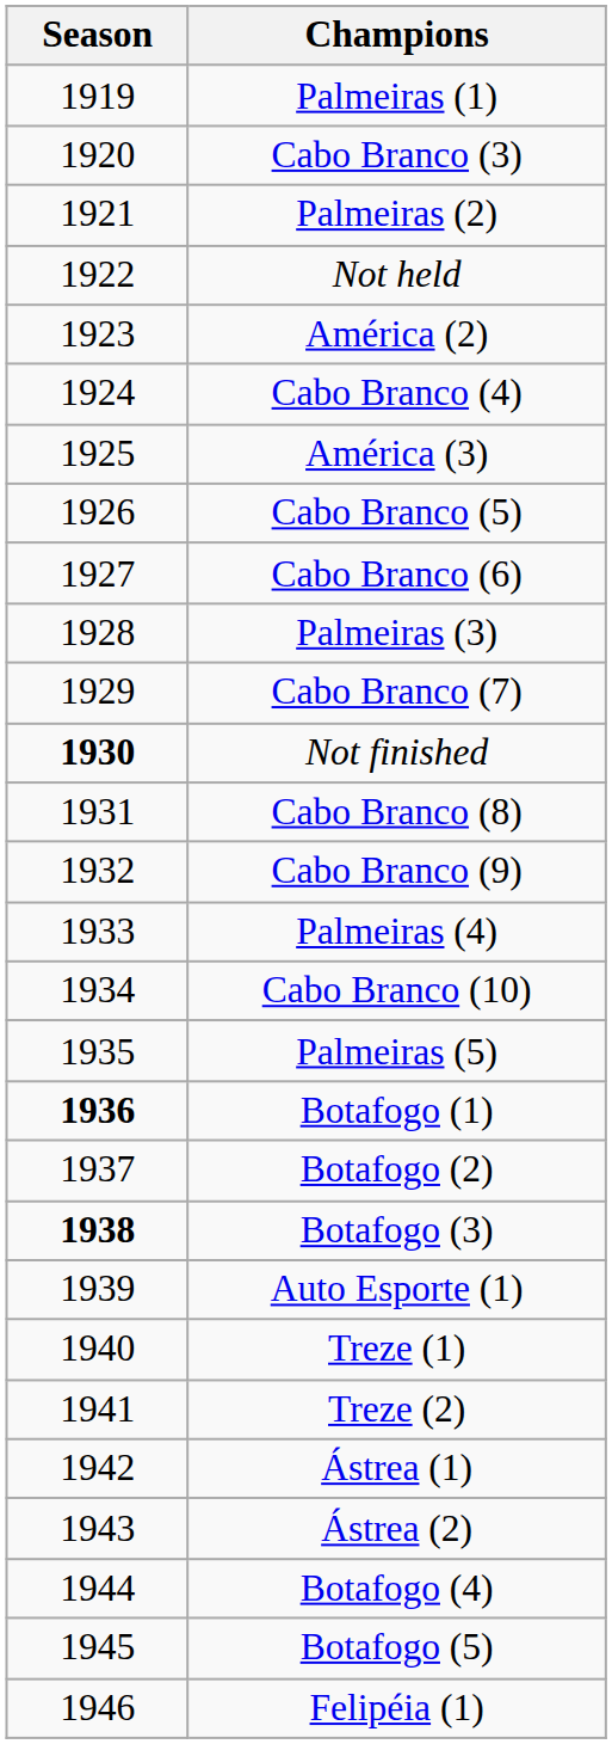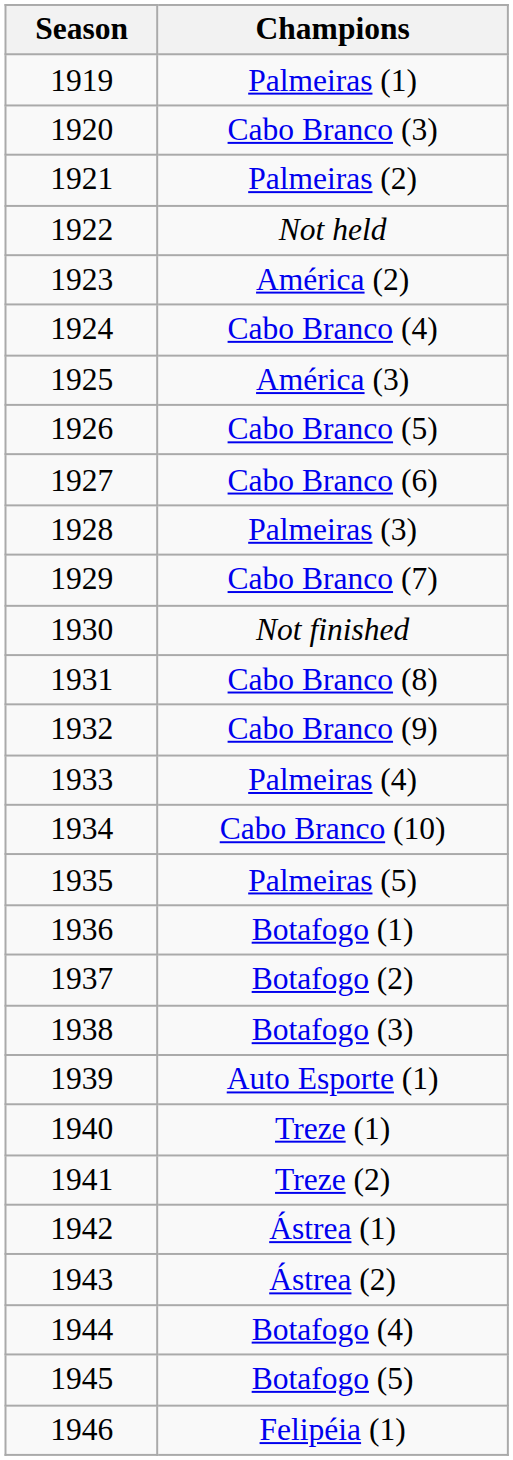 <table class="wikitable" style="text-align:center; margin-left:1em;">
 <tr>
 <th style="width:70px">Season</th>
 <th style="width:170px">Champions</th>
 </tr>
 <tr>
 <td>1919</td>
 <td><a href='#'>Palmeiras</a> (1)</td>
 </tr>
 <tr>
 <td>1920</td>
 <td><a href='#'>Cabo Branco</a> (3)</td>
 </tr>
 <tr>
 <td>1921</td>
 <td><a href='#'>Palmeiras</a> (2)</td>
 </tr>
 <tr>
 <td>1922</td>
 <td><em>Not held</em></td>
 </tr>
 <tr>
 <td>1923</td>
 <td><a href='#'>América</a> (2)</td>
 </tr>
 <tr>
 <td>1924</td>
 <td><a href='#'>Cabo Branco</a> (4)</td>
 </tr>
 <tr>
 <td>1925</td>
 <td><a href='#'>América</a> (3)</td>
 </tr>
 <tr>
 <td>1926</td>
 <td><a href='#'>Cabo Branco</a> (5)</td>
 </tr>
 <tr>
 <td>1927</td>
 <td><a href='#'>Cabo Branco</a> (6)</td>
 </tr>
 <tr>
 <td>1928</td>
 <td><a href='#'>Palmeiras</a> (3)</td>
 </tr>
 <tr>
 <td>1929</td>
 <td><a href='#'>Cabo Branco</a> (7)</td>
 </tr>
 <tr>
-<td><strong>1930</strong></td>
+<td>1930</td>
 <td><em>Not finished</em></td>
 </tr>
 <tr>
 <td>1931</td>
 <td><a href='#'>Cabo Branco</a> (8)</td>
 </tr>
 <tr>
 <td>1932</td>
 <td><a href='#'>Cabo Branco</a> (9)</td>
 </tr>
 <tr>
 <td>1933</td>
 <td><a href='#'>Palmeiras</a> (4)</td>
 </tr>
 <tr>
 <td>1934</td>
 <td><a href='#'>Cabo Branco</a> (10)</td>
 </tr>
 <tr>
 <td>1935</td>
 <td><a href='#'>Palmeiras</a> (5)</td>
 </tr>
 <tr>
-<td><strong>1936</strong></td>
+<td>1936</td>
 <td><a href='#'>Botafogo</a> (1)</td>
 </tr>
 <tr>
 <td>1937</td>
 <td><a href='#'>Botafogo</a> (2)</td>
 </tr>
 <tr>
-<td><strong>1938</strong></td>
+<td>1938</td>
 <td><a href='#'>Botafogo</a> (3)</td>
 </tr>
 <tr>
 <td>1939</td>
 <td><a href='#'>Auto Esporte</a> (1)</td>
 </tr>
 <tr>
 <td>1940</td>
 <td><a href='#'>Treze</a> (1)</td>
 </tr>
 <tr>
 <td>1941</td>
 <td><a href='#'>Treze</a> (2)</td>
 </tr>
 <tr>
 <td>1942</td>
 <td><a href='#'>Ástrea</a> (1)</td>
 </tr>
 <tr>
 <td>1943</td>
 <td><a href='#'>Ástrea</a> (2)</td>
 </tr>
 <tr>
 <td>1944</td>
 <td><a href='#'>Botafogo</a> (4)</td>
 </tr>
 <tr>
 <td>1945</td>
 <td><a href='#'>Botafogo</a> (5)</td>
 </tr>
 <tr>
 <td>1946</td>
 <td><a href='#'>Felipéia</a> (1)</td>
 </tr>
 </table>
